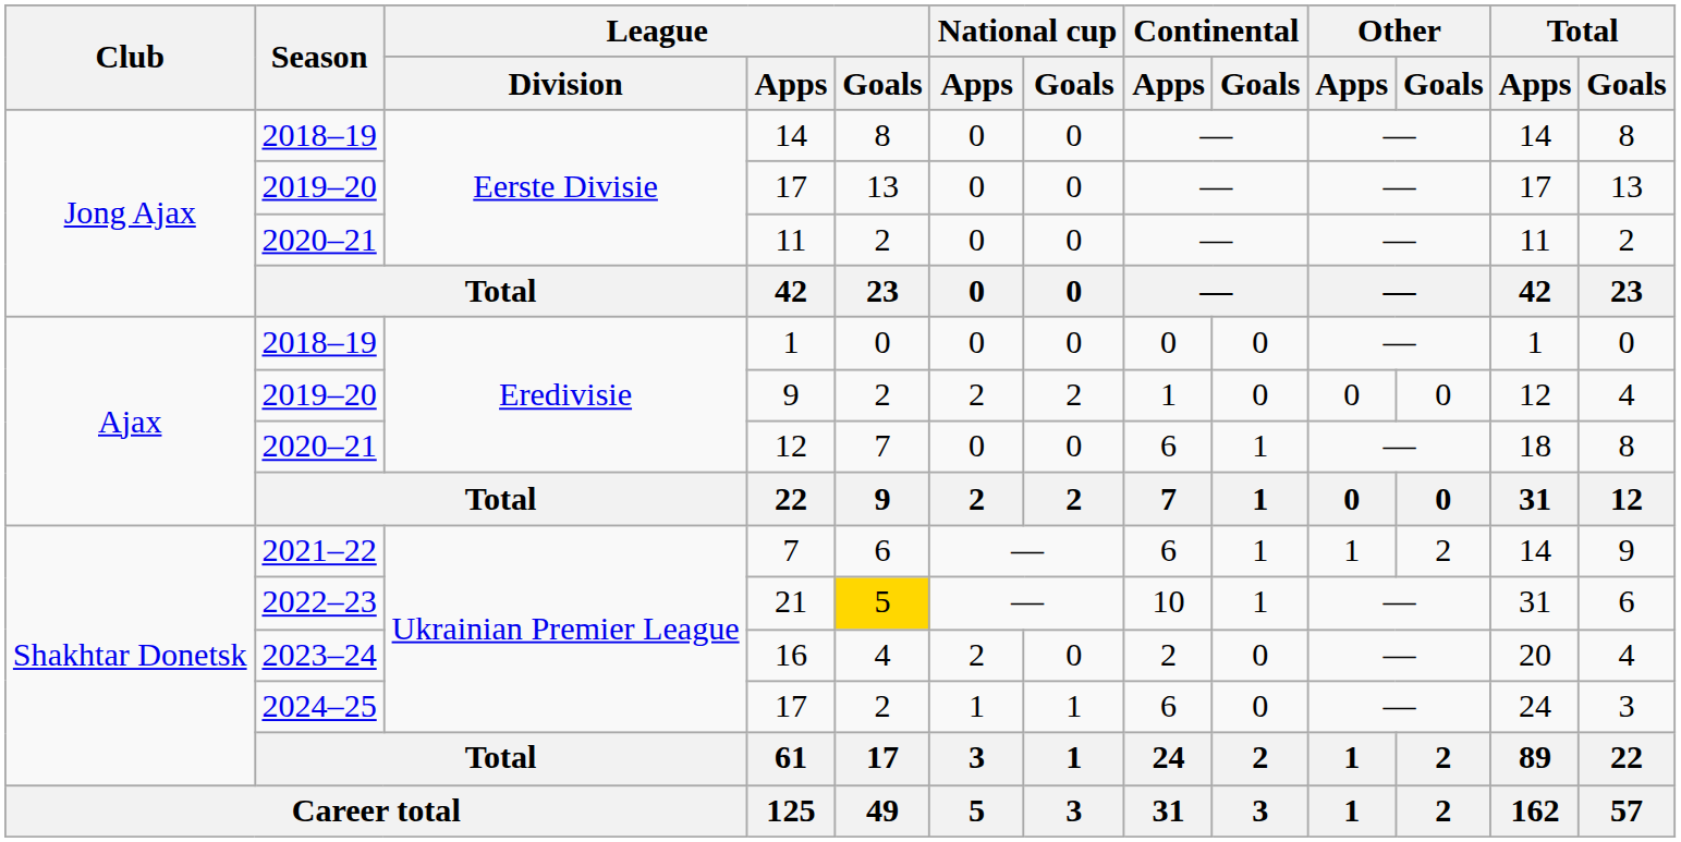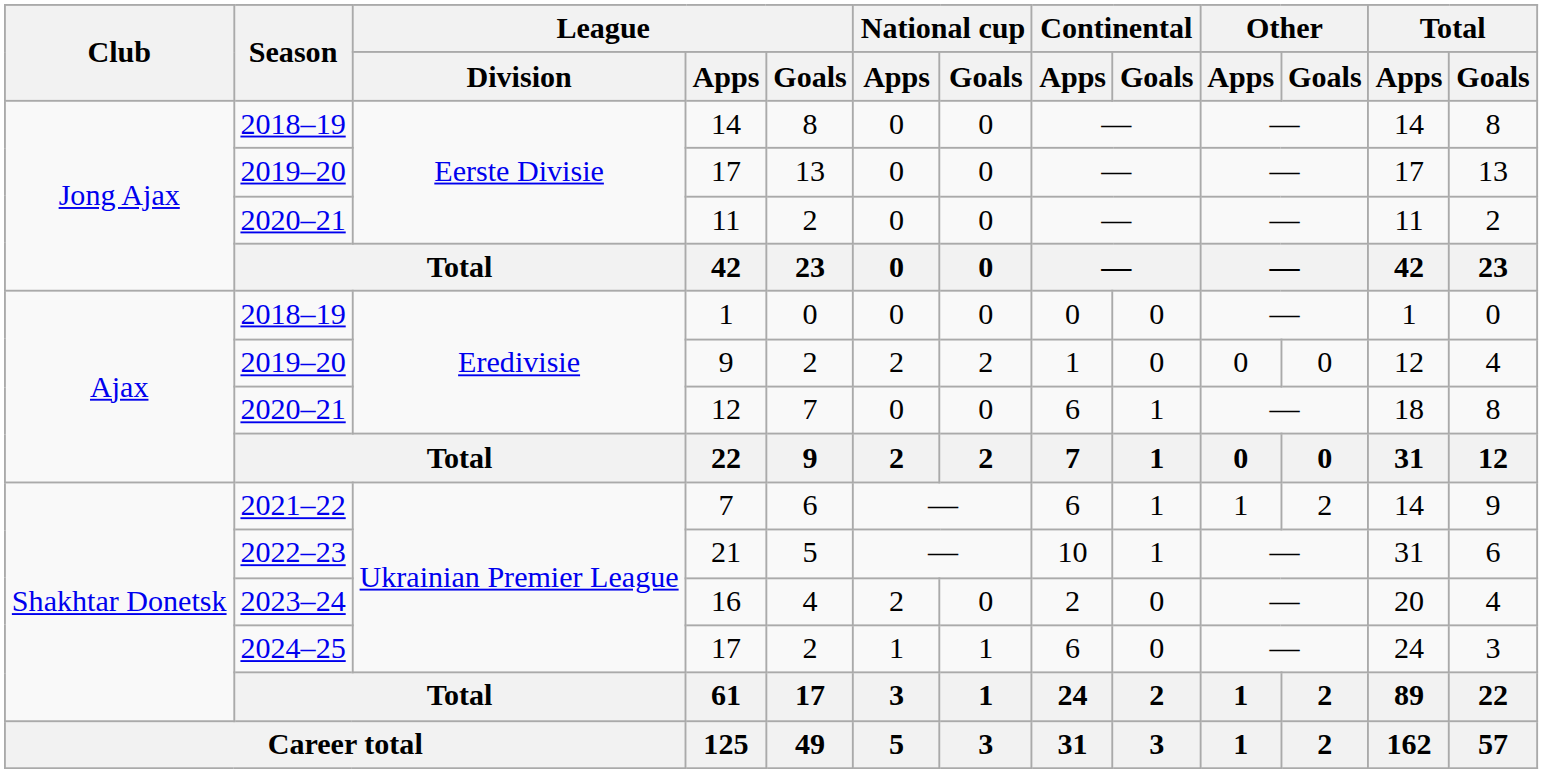 <table class="wikitable" style="text-align:center">
 <tr>
 <th rowspan="2">Club</th>
 <th rowspan="2">Season</th>
 <th colspan="3">League</th>
 <th colspan="2">National cup</th>
 <th colspan="2">Continental</th>
 <th colspan="2">Other</th>
 <th colspan="2">Total</th>
 </tr>
 <tr>
 <th>Division</th>
 <th>Apps</th>
 <th>Goals</th>
 <th>Apps</th>
 <th>Goals</th>
 <th>Apps</th>
 <th>Goals</th>
 <th>Apps</th>
 <th>Goals</th>
 <th>Apps</th>
 <th>Goals</th>
 </tr>
 <tr>
 <td rowspan="4"><a href='#'>Jong Ajax</a></td>
 <td><a href='#'>2018–19</a></td>
 <td rowspan="3"><a href='#'>Eerste Divisie</a></td>
 <td>14</td>
 <td>8</td>
 <td>0</td>
 <td>0</td>
 <td colspan="2">—</td>
 <td colspan="2">—</td>
 <td>14</td>
 <td>8</td>
 </tr>
 <tr>
 <td><a href='#'>2019–20</a></td>
 <td>17</td>
 <td>13</td>
 <td>0</td>
 <td>0</td>
 <td colspan="2">—</td>
 <td colspan="2">—</td>
 <td>17</td>
 <td>13</td>
 </tr>
 <tr>
 <td><a href='#'>2020–21</a></td>
 <td>11</td>
 <td>2</td>
 <td>0</td>
 <td>0</td>
 <td colspan="2">—</td>
 <td colspan="2">—</td>
 <td>11</td>
 <td>2</td>
 </tr>
 <tr>
 <th colspan="2">Total</th>
 <th>42</th>
 <th>23</th>
 <th>0</th>
 <th>0</th>
 <th colspan="2">—</th>
 <th colspan="2">—</th>
 <th>42</th>
 <th>23</th>
 </tr>
 <tr>
 <td rowspan="4"><a href='#'>Ajax</a></td>
 <td><a href='#'>2018–19</a></td>
 <td rowspan="3"><a href='#'>Eredivisie</a></td>
 <td>1</td>
 <td>0</td>
 <td>0</td>
 <td>0</td>
 <td>0</td>
 <td>0</td>
 <td colspan="2">—</td>
 <td>1</td>
 <td>0</td>
 </tr>
 <tr>
 <td><a href='#'>2019–20</a></td>
 <td>9</td>
 <td>2</td>
 <td>2</td>
 <td>2</td>
 <td>1</td>
 <td>0</td>
 <td>0</td>
 <td>0</td>
 <td>12</td>
 <td>4</td>
 </tr>
 <tr>
 <td><a href='#'>2020–21</a></td>
 <td>12</td>
 <td>7</td>
 <td>0</td>
 <td>0</td>
 <td>6</td>
 <td>1</td>
 <td colspan="2">—</td>
 <td>18</td>
 <td>8</td>
 </tr>
 <tr>
 <th colspan="2">Total</th>
 <th>22</th>
 <th>9</th>
 <th>2</th>
 <th>2</th>
 <th>7</th>
 <th>1</th>
 <th>0</th>
 <th>0</th>
 <th>31</th>
 <th>12</th>
 </tr>
 <tr>
 <td rowspan="5"><a href='#'>Shakhtar Donetsk</a></td>
 <td><a href='#'>2021–22</a></td>
 <td rowspan="4"><a href='#'>Ukrainian Premier League</a></td>
 <td>7</td>
 <td>6</td>
 <td colspan="2">—</td>
 <td>6</td>
 <td>1</td>
 <td>1</td>
 <td>2</td>
 <td>14</td>
 <td>9</td>
 </tr>
 <tr>
 <td><a href='#'>2022–23</a></td>
 <td>21</td>
-<td style="background: gold;">5</td>
+<td>5</td>
 <td colspan="2">—</td>
 <td>10</td>
 <td>1</td>
 <td colspan="2">—</td>
 <td>31</td>
 <td>6</td>
 </tr>
 <tr>
 <td><a href='#'>2023–24</a></td>
 <td>16</td>
 <td>4</td>
 <td>2</td>
 <td>0</td>
 <td>2</td>
 <td>0</td>
 <td colspan="2">—</td>
 <td>20</td>
 <td>4</td>
 </tr>
 <tr>
 <td><a href='#'>2024–25</a></td>
 <td>17</td>
 <td>2</td>
 <td>1</td>
 <td>1</td>
 <td>6</td>
 <td>0</td>
 <td colspan="2">—</td>
 <td>24</td>
 <td>3</td>
 </tr>
 <tr>
 <th colspan="2">Total</th>
 <th>61</th>
 <th>17</th>
 <th>3</th>
 <th>1</th>
 <th>24</th>
 <th>2</th>
 <th>1</th>
 <th>2</th>
 <th>89</th>
 <th>22</th>
 </tr>
 <tr>
 <th colspan="3">Career total</th>
 <th>125</th>
 <th>49</th>
 <th>5</th>
 <th>3</th>
 <th>31</th>
 <th>3</th>
 <th>1</th>
 <th>2</th>
 <th>162</th>
 <th>57</th>
 </tr>
 </table>
